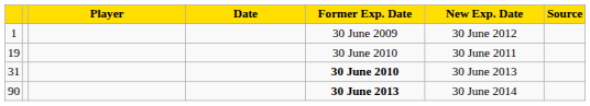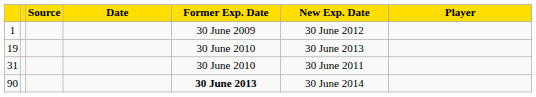 <table class="wikitable sortable">
 <tr>
 <th style="background:#FFDE00"></th>
 <th style="background:#FFDE00"></th>
-<th width=200 style="background:#FFDE00">Player</th>
+<th style="background:#FFDE00">Source</th>
 <th width=150 style="background:#FFDE00">Date</th>
 <th width=150 style="background:#FFDE00">Former Exp. Date</th>
 <th width=150 style="background:#FFDE00">New Exp. Date</th>
-<th style="background:#FFDE00">Source</th>
+<th width=200 style="background:#FFDE00">Player</th>
 </tr>
 <tr>
 <td align=center>1</td>
 <td align=center></td>
-<td></td>
+<td align=center></td>
 <td align=center></td>
 <td align=center>30 June 2009</td>
 <td align=center>30 June 2012</td>
-<td align=center></td>
+<td></td>
 </tr>
 <tr>
 <td align=center>19</td>
 <td align=center></td>
-<td></td>
+<td align=center></td>
 <td align=center></td>
 <td align=center>30 June 2010</td>
-<td align=center>30 June 2011</td>
-<td align=center></td>
+<td align=center>30 June 2013</td>
+<td></td>
 </tr>
 <tr>
 <td align=center>31</td>
 <td align=center></td>
+<td align=center></td>
+<td align=center></td>
+<td align=center>30 June 2010</td>
+<td align=center>30 June 2011</td>
 <td></td>
-<td align=center></td>
-<td align=center><strong>30 June 2010</strong></td>
-<td align=center>30 June 2013</td>
-<td align=center></td>
 </tr>
 <tr>
 <td align=center>90</td>
 <td align=center></td>
-<td></td>
+<td align=center></td>
 <td align=center></td>
 <td align=center><strong>30 June 2013</strong></td>
 <td align=center>30 June 2014</td>
-<td align=center></td>
+<td></td>
 </tr>
 </table>
